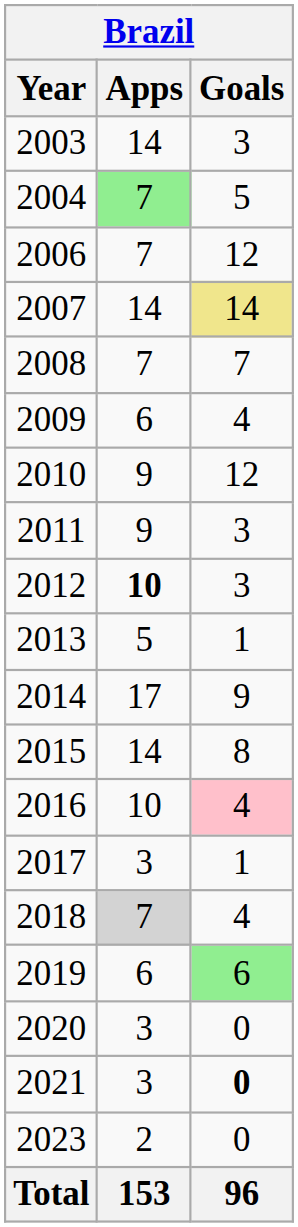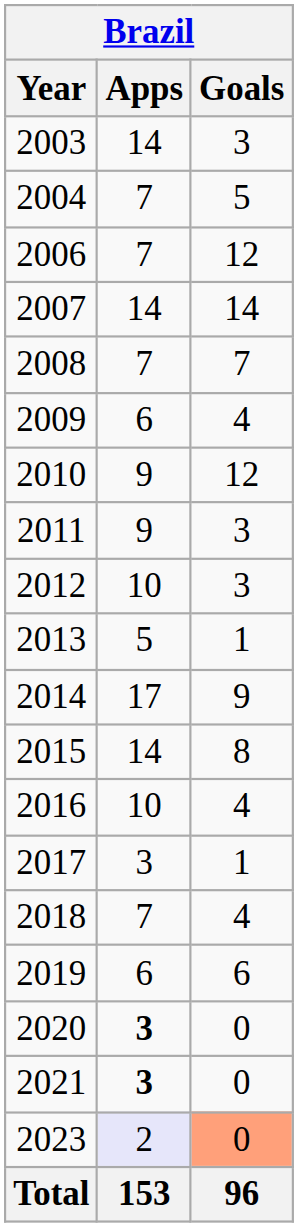 <table class="wikitable" style="text-align:center">
 <tr>
 <th colspan=3><a href='#'>Brazil</a></th>
 </tr>
 <tr>
 <th>Year</th>
 <th>Apps</th>
 <th>Goals</th>
 </tr>
 <tr>
 <td>2003</td>
 <td>14</td>
 <td>3</td>
 </tr>
 <tr>
 <td>2004</td>
-<td style="background: lightgreen;">7</td>
+<td>7</td>
 <td>5</td>
 </tr>
 <tr>
 <td>2006</td>
 <td>7</td>
 <td>12</td>
 </tr>
 <tr>
 <td>2007</td>
 <td>14</td>
-<td style="background: khaki;">14</td>
+<td>14</td>
 </tr>
 <tr>
 <td>2008</td>
 <td>7</td>
 <td>7</td>
 </tr>
 <tr>
 <td>2009</td>
 <td>6</td>
 <td>4</td>
 </tr>
 <tr>
 <td>2010</td>
 <td>9</td>
 <td>12</td>
 </tr>
 <tr>
 <td>2011</td>
 <td>9</td>
 <td>3</td>
 </tr>
 <tr>
 <td>2012</td>
-<td><strong>10</strong></td>
+<td>10</td>
 <td>3</td>
 </tr>
 <tr>
 <td>2013</td>
 <td>5</td>
 <td>1</td>
 </tr>
 <tr>
 <td>2014</td>
 <td>17</td>
 <td>9</td>
 </tr>
 <tr>
 <td>2015</td>
 <td>14</td>
 <td>8</td>
 </tr>
 <tr>
 <td>2016</td>
 <td>10</td>
-<td style="background: pink;">4</td>
+<td>4</td>
 </tr>
 <tr>
 <td>2017</td>
 <td>3</td>
 <td>1</td>
 </tr>
 <tr>
 <td>2018</td>
-<td style="background: lightgrey;">7</td>
+<td>7</td>
 <td>4</td>
 </tr>
 <tr>
 <td>2019</td>
 <td>6</td>
-<td style="background: lightgreen;">6</td>
+<td>6</td>
 </tr>
 <tr>
 <td>2020</td>
-<td>3</td>
+<td><strong>3</strong></td>
 <td>0</td>
 </tr>
 <tr>
 <td>2021</td>
-<td>3</td>
-<td><strong>0</strong></td>
+<td><strong>3</strong></td>
+<td>0</td>
 </tr>
 <tr>
 <td>2023</td>
-<td>2</td>
-<td>0</td>
+<td style="background: lavender;">2</td>
+<td style="background: lightsalmon;">0</td>
 </tr>
 <tr>
 <th>Total</th>
 <th>153</th>
 <th>96</th>
 </tr>
 </table>
